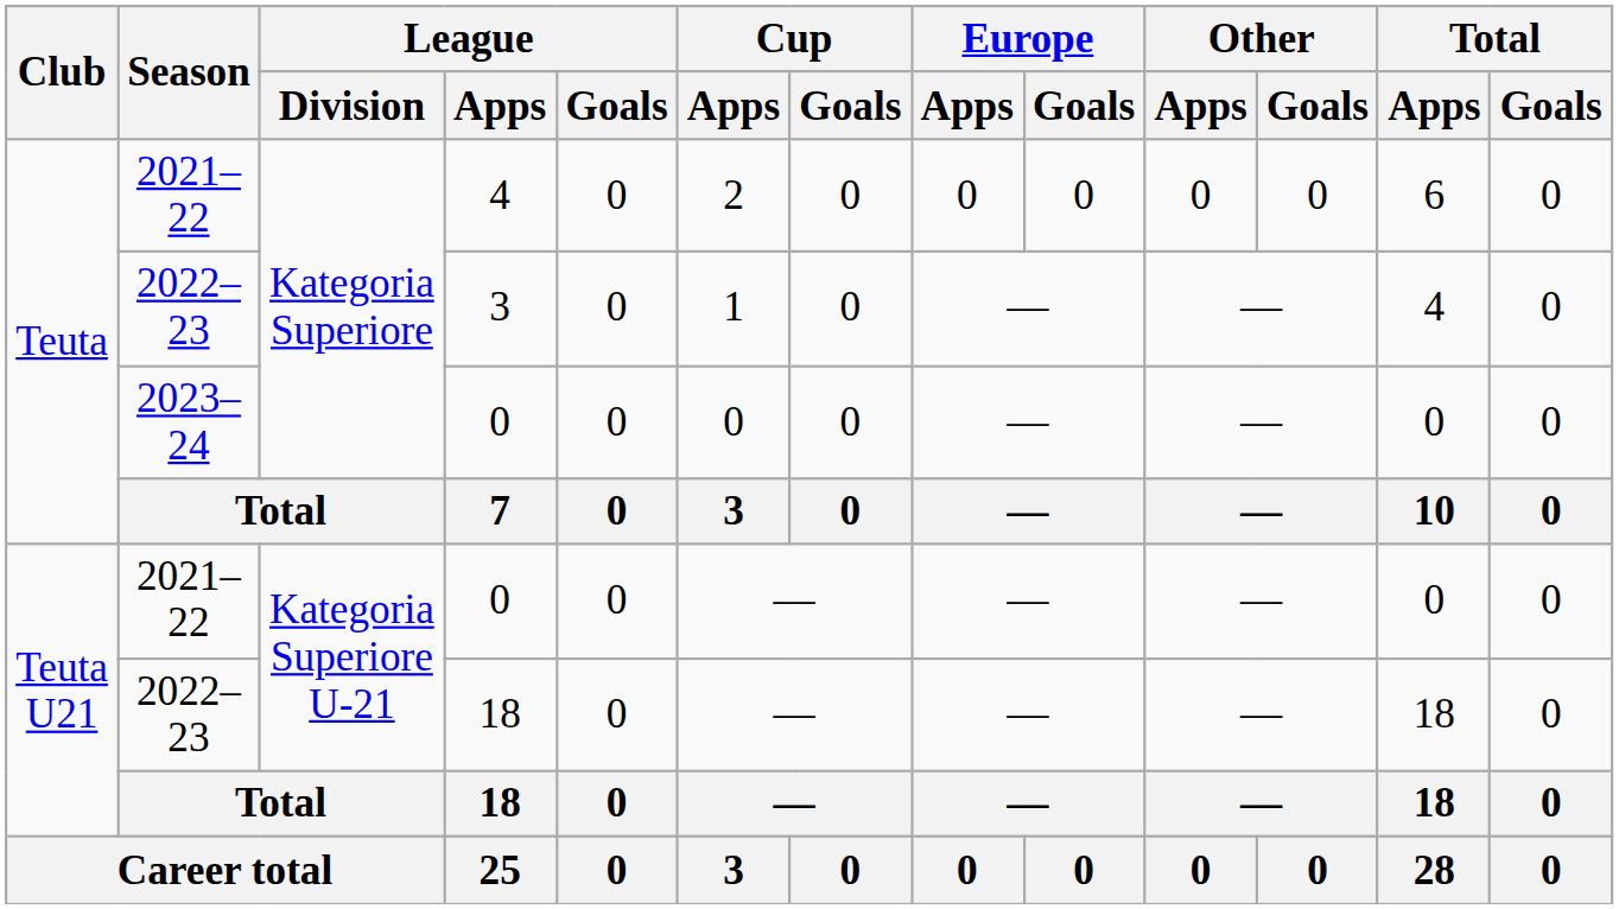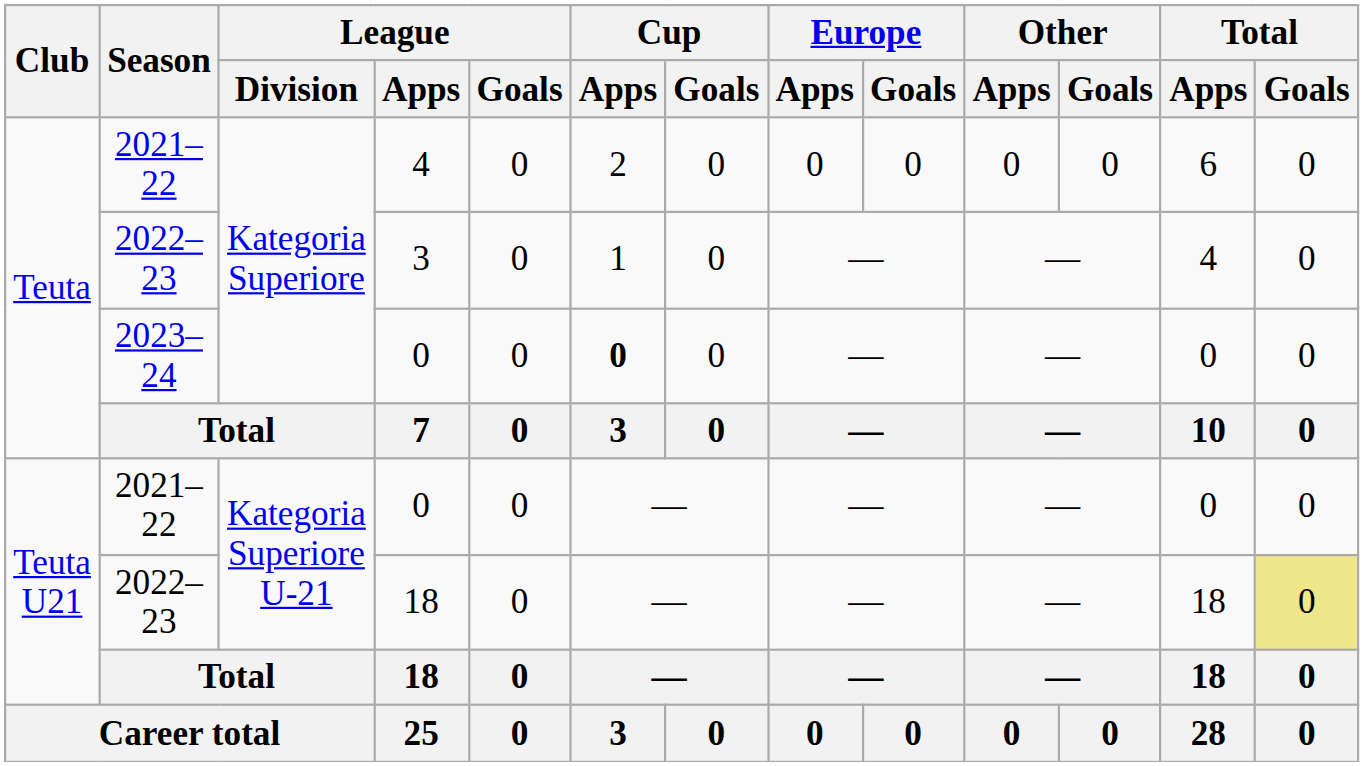 <table class="wikitable" style="text-align:center">
 <tr>
 <th rowspan="2">Club</th>
 <th rowspan="2">Season</th>
 <th colspan="3">League</th>
 <th colspan="2">Cup</th>
 <th colspan="2"><a href='#'>Europe</a></th>
 <th colspan="2">Other</th>
 <th colspan="2">Total</th>
 </tr>
 <tr>
 <th>Division</th>
 <th>Apps</th>
 <th>Goals</th>
 <th>Apps</th>
 <th>Goals</th>
 <th>Apps</th>
 <th>Goals</th>
 <th>Apps</th>
 <th>Goals</th>
 <th>Apps</th>
 <th>Goals</th>
 </tr>
 <tr>
 <td rowspan="4" valign="center"><a href='#'>Teuta</a></td>
 <td><a href='#'>2021–22</a></td>
 <td rowspan="3" valign="center"><a href='#'>Kategoria Superiore</a></td>
 <td>4</td>
 <td>0</td>
 <td>2</td>
 <td>0</td>
 <td>0</td>
 <td>0</td>
 <td>0</td>
 <td>0</td>
 <td>6</td>
 <td>0</td>
 </tr>
 <tr>
 <td><a href='#'>2022–23</a></td>
 <td>3</td>
 <td>0</td>
 <td>1</td>
 <td>0</td>
 <td colspan="2">—</td>
 <td colspan="2">—</td>
 <td>4</td>
 <td>0</td>
 </tr>
 <tr>
 <td><a href='#'>2023–24</a></td>
 <td>0</td>
 <td>0</td>
-<td>0</td>
+<td><strong>0</strong></td>
 <td>0</td>
 <td colspan="2">—</td>
 <td colspan="2">—</td>
 <td>0</td>
 <td>0</td>
 </tr>
 <tr>
 <th colspan="2">Total</th>
 <th>7</th>
 <th>0</th>
 <th>3</th>
 <th>0</th>
 <th colspan="2">—</th>
 <th colspan="2">—</th>
 <th>10</th>
 <th>0</th>
 </tr>
 <tr>
 <td rowspan="3" valign="center"><a href='#'>Teuta U21</a></td>
 <td>2021–22</td>
 <td rowspan="2" valign="center"><a href='#'>Kategoria Superiore U-21</a></td>
 <td>0</td>
 <td>0</td>
 <td colspan="2">—</td>
 <td colspan="2">—</td>
 <td colspan="2">—</td>
 <td>0</td>
 <td>0</td>
 </tr>
 <tr>
 <td>2022–23</td>
 <td>18</td>
 <td>0</td>
 <td colspan="2">—</td>
 <td colspan="2">—</td>
 <td colspan="2">—</td>
 <td>18</td>
-<td>0</td>
+<td style="background: khaki;">0</td>
 </tr>
 <tr>
 <th colspan="2">Total</th>
 <th>18</th>
 <th>0</th>
 <th colspan="2">—</th>
 <th colspan="2">—</th>
 <th colspan="2">—</th>
 <th>18</th>
 <th>0</th>
 </tr>
 <tr>
 <th colspan="3">Career total</th>
 <th>25</th>
 <th>0</th>
 <th>3</th>
 <th>0</th>
 <th>0</th>
 <th>0</th>
 <th>0</th>
 <th>0</th>
 <th>28</th>
 <th>0</th>
 </tr>
 </table>
